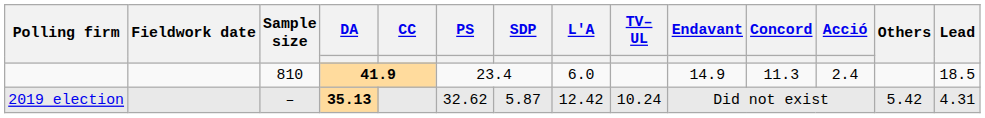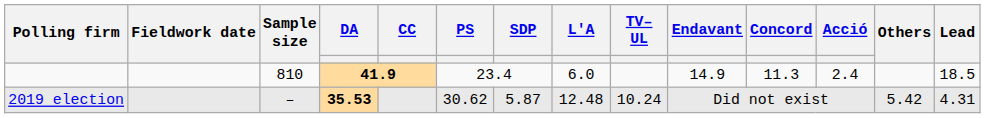 <table class="wikitable sortable tpl-blanktablele" style="text-align:center;font-size:90%;line-height:14px;">
 <tr style="height:40px;">
 <th rowspan="2">Polling firm</th>
 <th rowspan="2">Fieldwork date</th>
 <th rowspan="2">Sample<br>size</th>
 <th class="unsortable" style="width:40px;"><a href='#'>DA</a></th>
 <th class="unsortable" style="width:40px;"><a href='#'>CC</a></th>
 <th class="unsortable" style="width:40px;"><a href='#'>PS</a></th>
 <th class="unsortable" style="width:40px;"><a href='#'>SDP</a></th>
 <th class="unsortable" style="width:40px;"><a href='#'>L'A</a></th>
 <th class="unsortable" style="width:40px;"><a href='#'>TV–</a> <a href='#'>UL</a></th>
 <th class="unsortable" style="width:40px;"><a href='#'>Endavant</a></th>
 <th class="unsortable" style="width:40px;"><a href='#'>Concord</a></th>
 <th class="unsortable" style="width:40px;"><a href='#'>Acció</a></th>
 <th rowspan="2" class="unsortable" style="width:30px;">Others</th>
 <th style="width:30px;" rowspan="2">Lead</th>
 </tr>
 <tr>
 <th style="background:"></th>
 <th style="background:"></th>
 <th style="background:"></th>
 <th style="background:"></th>
 <th style="background:"></th>
 <th style="background:"></th>
 <th style="background:"></th>
 <th style="background:"></th>
 <th style="background:"></th>
 </tr>
 <tr>
 <td></td>
 <td></td>
 <td>810</td>
 <td style="background:#FFDB9D;" colspan="2"><strong>41.9</strong></td>
 <td colspan="2">23.4</td>
 <td>6.0</td>
 <td></td>
 <td>14.9</td>
 <td>11.3</td>
 <td>2.4</td>
 <td></td>
 <td style="background:">18.5</td>
 </tr>
 <tr style="background:#E9E9E9;">
 <td><a href='#'>2019 election</a></td>
 <td></td>
 <td>–</td>
-<td style="background:#FFDB9D;"><strong>35.13</strong></td>
+<td style="background:#FFDB9D;"><strong>35.53</strong></td>
 <td></td>
-<td>32.62</td>
+<td>30.62</td>
 <td>5.87</td>
-<td>12.42</td>
+<td>12.48</td>
 <td>10.24</td>
 <td colspan="3">Did not exist</td>
 <td>5.42</td>
 <td style="background:">4.31</td>
 </tr>
 </table>
